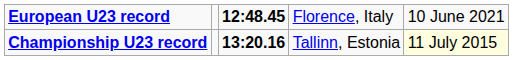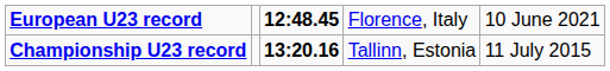 <table class="wikitable">
 <tr>
 <td><strong><a href='#'>European U23 record</a></strong></td>
 <td></td>
 <td><strong>12:48.45</strong></td>
 <td><a href='#'>Florence</a>, Italy</td>
 <td>10 June 2021</td>
 </tr>
 <tr>
 <td><strong><a href='#'>Championship U23 record</a></strong></td>
 <td></td>
 <td><strong>13:20.16</strong></td>
 <td><a href='#'>Tallinn</a>, Estonia</td>
-<td style="background: lightyellow;">11 July 2015</td>
+<td>11 July 2015</td>
 </tr>
 </table>
